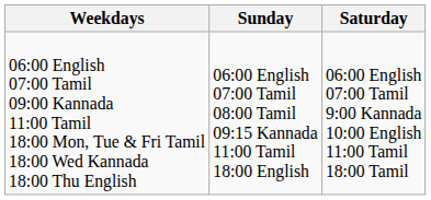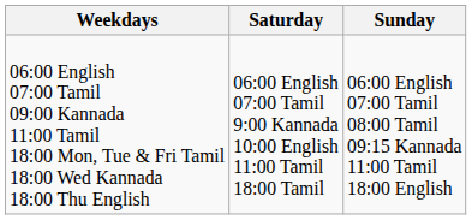 <table class="wikitable">
 <tr>
 <th>Weekdays</th>
+<th>Saturday</th>
 <th>Sunday</th>
-<th>Saturday</th>
 </tr>
 <tr>
 <td><br>06:00 English<br> 07:00 Tamil<br> 09:00 Kannada <br> 11:00 Tamil<br> 18:00 Mon, Tue & Fri Tamil<br> 18:00 Wed Kannada<br> 18:00 Thu English<br></td>
+<td><br>06:00 English<br> 07:00 Tamil<br> 9:00 Kannada<br> 10:00 English <br> 11:00 Tamil<br> 18:00 Tamil<br></td>
 <td><br>06:00 English<br> 07:00 Tamil<br> 08:00 Tamil<br> 09:15 Kannada<br> 11:00 Tamil<br> 18:00 English</td>
-<td><br>06:00 English<br> 07:00 Tamil<br> 9:00 Kannada<br> 10:00 English <br> 11:00 Tamil<br> 18:00 Tamil<br></td>
 </tr>
 </table>
